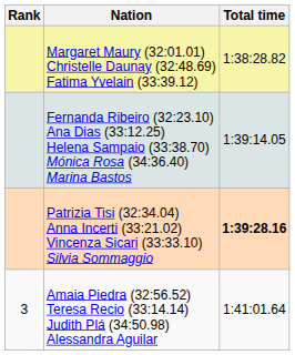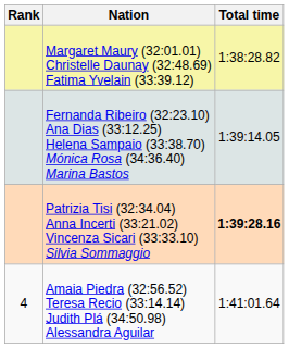 <table class = "wikitable" style = "text-align: center">
 <tr>
 <th>Rank</th>
 <th>Nation</th>
 <th>Total time</th>
 </tr>
 <tr bgcolor = f7f6a8>
 <td></td>
 <td align = "left"><br><a href='#'>Margaret Maury</a> (32:01.01)<br><a href='#'>Christelle Daunay</a> (32:48.69)<br><a href='#'>Fatima Yvelain</a> (33:39.12)</td>
 <td>1:38:28.82</td>
 </tr>
 <tr bgcolor = dce5e5>
 <td></td>
 <td align = "left"><br><a href='#'>Fernanda Ribeiro</a> (32:23.10)<br><a href='#'>Ana Dias</a> (33:12.25)<br><a href='#'>Helena Sampaio</a> (33:38.70)<br><em> <a href='#'>Mónica Rosa</a> </em> (34:36.40)<br><em> <a href='#'>Marina Bastos</a> </em></td>
 <td>1:39:14.05</td>
 </tr>
 <tr bgcolor = ffdab9>
 <td></td>
 <td align = "left"><br><a href='#'>Patrizia Tisi</a> (32:34.04)<br><a href='#'>Anna Incerti</a> (33:21.02)<br><a href='#'>Vincenza Sicari</a> (33:33.10)<br><em><a href='#'>Silvia Sommaggio</a></em> </td>
 <td><strong>1:39:28.16</strong></td>
 </tr>
 <tr>
-<td>3</td>
+<td>4</td>
 <td align = "left"><br><a href='#'>Amaia Piedra</a> (32:56.52)<br><a href='#'>Teresa Recio</a> (33:14.14)<br><a href='#'>Judith Plá</a> (34:50.98)<br><a href='#'>Alessandra Aguilar</a> </td>
 <td>1:41:01.64</td>
 </tr>
 </table>
